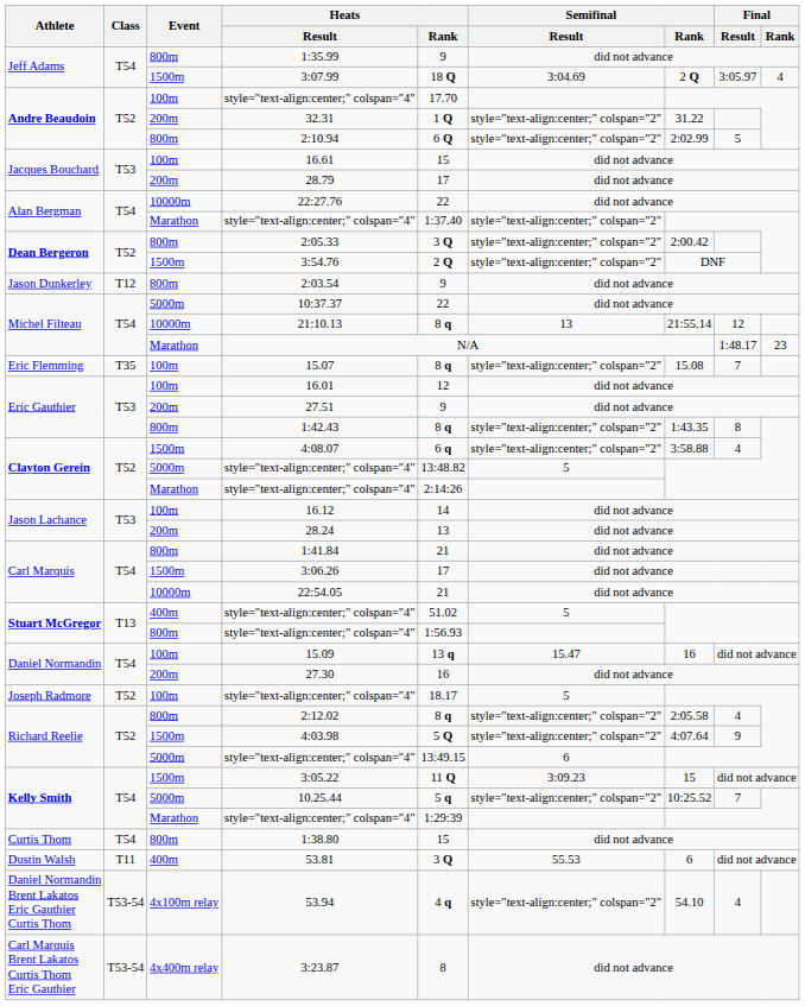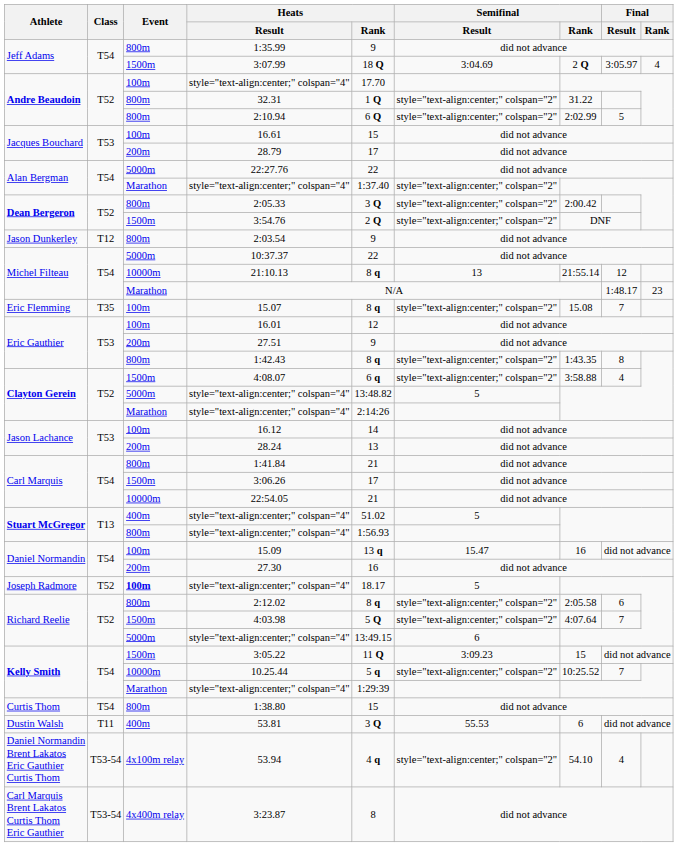 <table class=wikitable style="font-size:90%">
 <tr>
 <th rowspan="2">Athlete</th>
 <th rowspan="2">Class</th>
 <th rowspan="2">Event</th>
 <th colspan="2">Heats</th>
 <th colspan="2">Semifinal</th>
 <th colspan="2">Final</th>
 </tr>
 <tr>
 <th>Result</th>
 <th>Rank</th>
 <th>Result</th>
 <th>Rank</th>
 <th>Result</th>
 <th>Rank</th>
 </tr>
 <tr>
 <td rowspan="2"><a href='#'>Jeff Adams</a></td>
 <td rowspan="2" style="text-align:center;">T54</td>
 <td><a href='#'>800m</a></td>
 <td style="text-align:center;">1:35.99</td>
 <td style="text-align:center;">9</td>
 <td style="text-align:center;" colspan="4">did not advance</td>
 </tr>
 <tr>
 <td><a href='#'>1500m</a></td>
 <td style="text-align:center;">3:07.99</td>
 <td style="text-align:center;">18 <strong>Q</strong></td>
 <td style="text-align:center;">3:04.69</td>
 <td style="text-align:center;">2 <strong>Q</strong></td>
 <td style="text-align:center;">3:05.97</td>
 <td style="text-align:center;">4</td>
 </tr>
 <tr>
 <td rowspan="3"><strong><a href='#'>Andre Beaudoin</a></strong></td>
 <td rowspan="3" style="text-align:center;">T52</td>
 <td><a href='#'>100m</a></td>
 <td>style="text-align:center;" colspan="4" </td>
 <td style="text-align:center;">17.70</td>
 <td style="text-align:center;"></td>
 </tr>
 <tr>
-<td><a href='#'>200m</a></td>
+<td><a href='#'>800m</a></td>
 <td style="text-align:center;">32.31</td>
 <td style="text-align:center;">1 <strong>Q</strong></td>
 <td>style="text-align:center;" colspan="2" </td>
 <td style="text-align:center;">31.22</td>
 <td style="text-align:center;"></td>
 </tr>
 <tr>
 <td><a href='#'>800m</a></td>
 <td style="text-align:center;">2:10.94</td>
 <td style="text-align:center;">6 <strong>Q</strong></td>
 <td>style="text-align:center;" colspan="2" </td>
 <td style="text-align:center;">2:02.99</td>
 <td style="text-align:center;">5</td>
 </tr>
 <tr>
 <td rowspan="2"><a href='#'>Jacques Bouchard</a></td>
 <td rowspan="2" style="text-align:center;">T53</td>
 <td><a href='#'>100m</a></td>
 <td style="text-align:center;">16.61</td>
 <td style="text-align:center;">15</td>
 <td style="text-align:center;" colspan="4">did not advance</td>
 </tr>
 <tr>
 <td><a href='#'>200m</a></td>
 <td style="text-align:center;">28.79</td>
 <td style="text-align:center;">17</td>
 <td style="text-align:center;" colspan="4">did not advance</td>
 </tr>
 <tr>
 <td rowspan="2"><a href='#'>Alan Bergman</a></td>
 <td rowspan="2" style="text-align:center;">T54</td>
-<td><a href='#'>10000m</a></td>
+<td><a href='#'>5000m</a></td>
 <td style="text-align:center;">22:27.76</td>
 <td style="text-align:center;">22</td>
 <td style="text-align:center;" colspan="4">did not advance</td>
 </tr>
 <tr>
 <td><a href='#'>Marathon</a></td>
 <td>style="text-align:center;" colspan="4" </td>
 <td style="text-align:center;">1:37.40</td>
 <td>style="text-align:center;" colspan="2" </td>
 </tr>
 <tr>
 <td rowspan="2"><strong><a href='#'>Dean Bergeron</a></strong></td>
 <td rowspan="2" style="text-align:center;">T52</td>
 <td><a href='#'>800m</a></td>
 <td style="text-align:center;">2:05.33</td>
 <td style="text-align:center;">3 <strong>Q</strong></td>
 <td>style="text-align:center;" colspan="2" </td>
 <td style="text-align:center;">2:00.42</td>
 <td style="text-align:center;"></td>
 </tr>
 <tr>
 <td><a href='#'>1500m</a></td>
 <td style="text-align:center;">3:54.76</td>
 <td style="text-align:center;">2 <strong>Q</strong></td>
 <td>style="text-align:center;" colspan="2" </td>
 <td style="text-align:center;" colspan="2">DNF</td>
 </tr>
 <tr>
 <td><a href='#'>Jason Dunkerley</a></td>
 <td style="text-align:center;">T12</td>
 <td><a href='#'>800m</a></td>
 <td style="text-align:center;">2:03.54</td>
 <td style="text-align:center;">9</td>
 <td style="text-align:center;" colspan="4">did not advance</td>
 </tr>
 <tr>
 <td rowspan="3"><a href='#'>Michel Filteau</a></td>
 <td rowspan="3" style="text-align:center;">T54</td>
 <td><a href='#'>5000m</a></td>
 <td style="text-align:center;">10:37.37</td>
 <td style="text-align:center;">22</td>
 <td style="text-align:center;" colspan="4">did not advance</td>
 </tr>
 <tr>
 <td><a href='#'>10000m</a></td>
 <td style="text-align:center;">21:10.13</td>
 <td style="text-align:center;">8 <strong>q</strong></td>
 <td style="text-align:center;">13</td>
 <td style="text-align:center;">21:55.14</td>
 <td style="text-align:center;">12</td>
 </tr>
 <tr>
 <td><a href='#'>Marathon</a></td>
 <td style="text-align:center;" colspan="4">N/A</td>
 <td style="text-align:center;">1:48.17</td>
 <td style="text-align:center;">23</td>
 </tr>
 <tr>
 <td><a href='#'>Eric Flemming</a></td>
 <td style="text-align:center;">T35</td>
 <td><a href='#'>100m</a></td>
 <td style="text-align:center;">15.07</td>
 <td style="text-align:center;">8 <strong>q</strong></td>
 <td>style="text-align:center;" colspan="2" </td>
 <td style="text-align:center;">15.08</td>
 <td style="text-align:center;">7</td>
 </tr>
 <tr>
 <td rowspan="3"><a href='#'>Eric Gauthier</a></td>
 <td rowspan="3" style="text-align:center;">T53</td>
 <td><a href='#'>100m</a></td>
 <td style="text-align:center;">16.01</td>
 <td style="text-align:center;">12</td>
 <td style="text-align:center;" colspan="4">did not advance</td>
 </tr>
 <tr>
 <td><a href='#'>200m</a></td>
 <td style="text-align:center;">27.51</td>
 <td style="text-align:center;">9</td>
 <td style="text-align:center;" colspan="4">did not advance</td>
 </tr>
 <tr>
 <td><a href='#'>800m</a></td>
 <td style="text-align:center;">1:42.43</td>
 <td style="text-align:center;">8 <strong>q</strong></td>
 <td>style="text-align:center;" colspan="2" </td>
 <td style="text-align:center;">1:43.35</td>
 <td style="text-align:center;">8</td>
 </tr>
 <tr>
 <td rowspan="3"><strong><a href='#'>Clayton Gerein</a></strong></td>
 <td rowspan="3" style="text-align:center;">T52</td>
 <td><a href='#'>1500m</a></td>
 <td style="text-align:center;">4:08.07</td>
 <td style="text-align:center;">6 <strong>q</strong></td>
 <td>style="text-align:center;" colspan="2" </td>
 <td style="text-align:center;">3:58.88</td>
 <td style="text-align:center;">4</td>
 </tr>
 <tr>
 <td><a href='#'>5000m</a></td>
 <td>style="text-align:center;" colspan="4" </td>
 <td style="text-align:center;">13:48.82</td>
 <td style="text-align:center;">5</td>
 </tr>
 <tr>
 <td><a href='#'>Marathon</a></td>
 <td>style="text-align:center;" colspan="4" </td>
 <td style="text-align:center;">2:14:26</td>
 <td style="text-align:center;"></td>
 </tr>
 <tr>
 <td rowspan="2"><a href='#'>Jason Lachance</a></td>
 <td rowspan="2" style="text-align:center;">T53</td>
 <td><a href='#'>100m</a></td>
 <td style="text-align:center;">16.12</td>
 <td style="text-align:center;">14</td>
 <td style="text-align:center;" colspan="4">did not advance</td>
 </tr>
 <tr>
 <td><a href='#'>200m</a></td>
 <td style="text-align:center;">28.24</td>
 <td style="text-align:center;">13</td>
 <td style="text-align:center;" colspan="4">did not advance</td>
 </tr>
 <tr>
 <td rowspan="3"><a href='#'>Carl Marquis</a></td>
 <td rowspan="3" style="text-align:center;">T54</td>
 <td><a href='#'>800m</a></td>
 <td style="text-align:center;">1:41.84</td>
 <td style="text-align:center;">21</td>
 <td style="text-align:center;" colspan="4">did not advance</td>
 </tr>
 <tr>
 <td><a href='#'>1500m</a></td>
 <td style="text-align:center;">3:06.26</td>
 <td style="text-align:center;">17</td>
 <td style="text-align:center;" colspan="4">did not advance</td>
 </tr>
 <tr>
 <td><a href='#'>10000m</a></td>
 <td style="text-align:center;">22:54.05</td>
 <td style="text-align:center;">21</td>
 <td style="text-align:center;" colspan="4">did not advance</td>
 </tr>
 <tr>
 <td rowspan="2"><strong><a href='#'>Stuart McGregor</a></strong></td>
 <td rowspan="2" style="text-align:center;">T13</td>
 <td><a href='#'>400m</a></td>
 <td>style="text-align:center;" colspan="4" </td>
 <td style="text-align:center;">51.02</td>
 <td style="text-align:center;">5</td>
 </tr>
 <tr>
 <td><a href='#'>800m</a></td>
 <td>style="text-align:center;" colspan="4" </td>
 <td style="text-align:center;">1:56.93</td>
 <td style="text-align:center;"></td>
 </tr>
 <tr>
 <td rowspan="2"><a href='#'>Daniel Normandin</a></td>
 <td rowspan="2" style="text-align:center;">T54</td>
 <td><a href='#'>100m</a></td>
 <td style="text-align:center;">15.09</td>
 <td style="text-align:center;">13 <strong>q</strong></td>
 <td style="text-align:center;">15.47</td>
 <td style="text-align:center;">16</td>
 <td style="text-align:center;" colspan="2">did not advance</td>
 </tr>
 <tr>
 <td><a href='#'>200m</a></td>
 <td style="text-align:center;">27.30</td>
 <td style="text-align:center;">16</td>
 <td style="text-align:center;" colspan="4">did not advance</td>
 </tr>
 <tr>
 <td><a href='#'>Joseph Radmore</a></td>
 <td style="text-align:center;">T52</td>
-<td><a href='#'>100m</a></td>
+<td><strong><a href='#'>100m</a></strong></td>
 <td>style="text-align:center;" colspan="4" </td>
 <td style="text-align:center;">18.17</td>
 <td style="text-align:center;">5</td>
 </tr>
 <tr>
 <td rowspan="3"><a href='#'>Richard Reelie</a></td>
 <td rowspan="3" style="text-align:center;">T52</td>
 <td><a href='#'>800m</a></td>
 <td style="text-align:center;">2:12.02</td>
 <td style="text-align:center;">8 <strong>q</strong></td>
 <td>style="text-align:center;" colspan="2" </td>
 <td style="text-align:center;">2:05.58</td>
-<td style="text-align:center;">4</td>
+<td style="text-align:center;">6</td>
 </tr>
 <tr>
 <td><a href='#'>1500m</a></td>
 <td style="text-align:center;">4:03.98</td>
 <td style="text-align:center;">5 <strong>Q</strong></td>
 <td>style="text-align:center;" colspan="2" </td>
 <td style="text-align:center;">4:07.64</td>
-<td style="text-align:center;">9</td>
+<td style="text-align:center;">7</td>
 </tr>
 <tr>
 <td><a href='#'>5000m</a></td>
 <td>style="text-align:center;" colspan="4" </td>
 <td style="text-align:center;">13:49.15</td>
 <td style="text-align:center;">6</td>
 </tr>
 <tr>
 <td rowspan="3"><strong><a href='#'>Kelly Smith</a></strong></td>
 <td rowspan="3" style="text-align:center;">T54</td>
 <td><a href='#'>1500m</a></td>
 <td style="text-align:center;">3:05.22</td>
 <td style="text-align:center;">11 <strong>Q</strong></td>
 <td style="text-align:center;">3:09.23</td>
 <td style="text-align:center;">15</td>
 <td style="text-align:center;" colspan="2">did not advance</td>
 </tr>
 <tr>
-<td><a href='#'>5000m</a></td>
+<td><a href='#'>10000m</a></td>
 <td style="text-align:center;">10.25.44</td>
 <td style="text-align:center;">5 <strong>q</strong></td>
 <td>style="text-align:center;" colspan="2" </td>
 <td style="text-align:center;">10:25.52</td>
 <td style="text-align:center;">7</td>
 </tr>
 <tr>
 <td><a href='#'>Marathon</a></td>
 <td>style="text-align:center;" colspan="4" </td>
 <td style="text-align:center;">1:29:39</td>
 <td style="text-align:center;"></td>
 </tr>
 <tr>
 <td><a href='#'>Curtis Thom</a></td>
 <td style="text-align:center;">T54</td>
 <td><a href='#'>800m</a></td>
 <td style="text-align:center;">1:38.80</td>
 <td style="text-align:center;">15</td>
 <td style="text-align:center;" colspan="4">did not advance</td>
 </tr>
 <tr>
 <td><a href='#'>Dustin Walsh</a></td>
 <td style="text-align:center;">T11</td>
 <td><a href='#'>400m</a></td>
 <td style="text-align:center;">53.81</td>
 <td style="text-align:center;">3 <strong>Q</strong></td>
 <td style="text-align:center;">55.53</td>
 <td style="text-align:center;">6</td>
 <td style="text-align:center;" colspan="2">did not advance</td>
 </tr>
 <tr>
 <td><a href='#'>Daniel Normandin</a><br> <a href='#'>Brent Lakatos</a><br> <a href='#'>Eric Gauthier</a><br> <a href='#'>Curtis Thom</a></td>
 <td style="text-align:center;">T53-54</td>
 <td><a href='#'>4x100m relay</a></td>
 <td style="text-align:center;">53.94</td>
 <td style="text-align:center;">4 <strong>q</strong></td>
 <td>style="text-align:center;" colspan="2" </td>
 <td style="text-align:center;">54.10</td>
 <td style="text-align:center;">4</td>
 </tr>
 <tr>
 <td><a href='#'>Carl Marquis</a><br> <a href='#'>Brent Lakatos</a><br> <a href='#'>Curtis Thom</a><br> <a href='#'>Eric Gauthier</a></td>
 <td style="text-align:center;">T53-54</td>
 <td><a href='#'>4x400m relay</a></td>
 <td style="text-align:center;">3:23.87</td>
 <td style="text-align:center;">8</td>
 <td style="text-align:center;" colspan="4">did not advance</td>
 </tr>
 </table>
